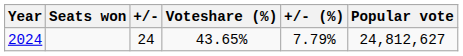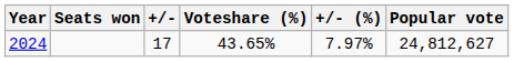 <table class="wikitable sortable">
 <tr>
 <th style="background-color:">Year</th>
 <th style="background-color:">Seats won</th>
 <th style="background-color:">+/-</th>
 <th style="background-color:">Voteshare (%)</th>
 <th style="background-color:">+/- (%)</th>
 <th style="background-color:">Popular vote</th>
 </tr>
 <tr style="text-align:center;">
 <td><a href='#'>2024</a></td>
 <td></td>
-<td> 24</td>
+<td> 17</td>
 <td>43.65%</td>
-<td> 7.79%</td>
+<td> 7.97%</td>
 <td>24,812,627</td>
 </tr>
 </table>
